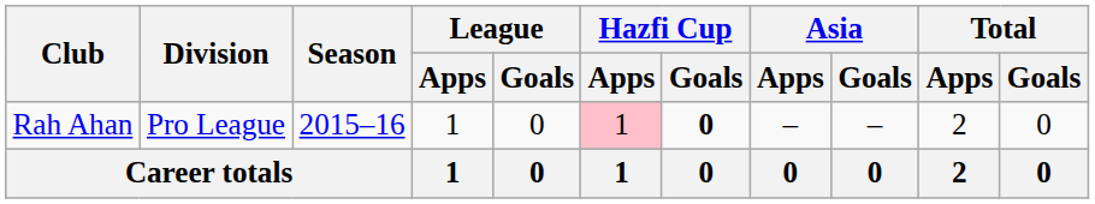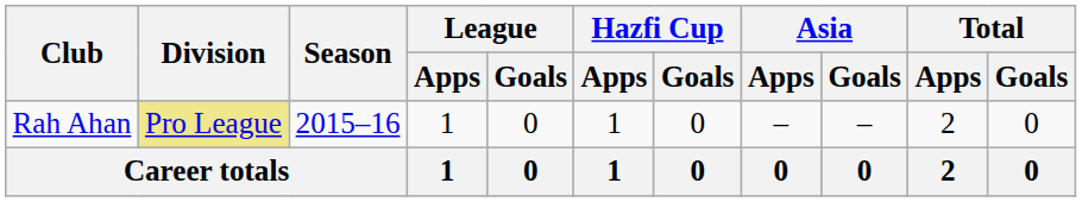 <table class="wikitable" style="text-align: center;">
 <tr>
 <th rowspan="2">Club</th>
 <th rowspan="2">Division</th>
 <th rowspan="2">Season</th>
 <th colspan="2">League</th>
 <th colspan="2"><a href='#'>Hazfi Cup</a></th>
 <th colspan="2"><a href='#'>Asia</a></th>
 <th colspan="2">Total</th>
 </tr>
 <tr>
 <th>Apps</th>
 <th>Goals</th>
 <th>Apps</th>
 <th>Goals</th>
 <th>Apps</th>
 <th>Goals</th>
 <th>Apps</th>
 <th>Goals</th>
 </tr>
 <tr>
 <td><a href='#'>Rah Ahan</a></td>
-<td><a href='#'>Pro League</a></td>
+<td style="background: khaki;"><a href='#'>Pro League</a></td>
 <td><a href='#'>2015–16</a></td>
 <td>1</td>
 <td>0</td>
-<td style="background: pink;">1</td>
-<td><strong>0</strong></td>
+<td>1</td>
+<td>0</td>
 <td>–</td>
 <td>–</td>
 <td>2</td>
 <td>0</td>
 </tr>
 <tr>
 <th colspan=3>Career totals</th>
 <th>1</th>
 <th>0</th>
 <th>1</th>
 <th>0</th>
 <th>0</th>
 <th>0</th>
 <th>2</th>
 <th>0</th>
 </tr>
 </table>
